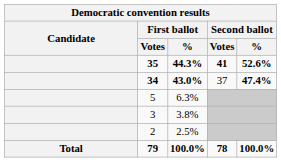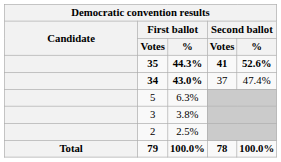 <table class="wikitable sortable plainrowheaders">
 <tr>
 <th colspan="13" style="color:black;background-color:">Democratic convention results</th>
 </tr>
 <tr style="background:#eee; text-align:center;">
 <th scope="col" style="width: 12em" rowspan=2>Candidate</th>
 <th scope="col" style="width: 5em" colspan=2>First ballot</th>
 <th scope="col" style="width: 5em" colspan=2>Second ballot</th>
 </tr>
 <tr>
 <th>Votes</th>
 <th>%</th>
 <th>Votes</th>
 <th>%</th>
 </tr>
 <tr>
 <th scope="row"><strong></strong></th>
 <td style="text-align:center;"><strong>35</strong></td>
 <td style="text-align:center;"><strong>44.3%</strong></td>
 <td style="text-align:center;"><strong>41</strong></td>
 <td style="text-align:center;"><strong>52.6%</strong></td>
 </tr>
 <tr>
 <th scope="row"></th>
 <td style="text-align:center;"><strong>34</strong></td>
 <td style="text-align:center;"><strong>43.0%</strong></td>
 <td style="text-align:center;">37</td>
-<td style="text-align:center;"><strong>47.4%</strong></td>
+<td style="text-align:center;">47.4%</td>
 </tr>
 <tr>
 <th scope="row"></th>
 <td style="text-align:center;">5</td>
 <td style="text-align:center;">6.3%</td>
 <td colspan=2 style="text-align:center; background:#cbcbcb"></td>
 </tr>
 <tr>
 <th scope="row"></th>
 <td style="text-align:center;">3</td>
 <td style="text-align:center;">3.8%</td>
 <td colspan=2 style="text-align:center; background:#cbcbcb"></td>
 </tr>
 <tr>
 <th scope="row"></th>
 <td style="text-align:center;">2</td>
 <td style="text-align:center;">2.5%</td>
 <td colspan=2 style="text-align:center; background:#cbcbcb"></td>
 </tr>
 <tr>
 <th scope="row"><strong>Total</strong></th>
 <td style="text-align:center;"><strong>79</strong></td>
 <td style="text-align:center;"><strong>100.0%</strong></td>
 <td style="text-align:center;"><strong>78</strong></td>
 <td style="text-align:center;"><strong>100.0%</strong></td>
 </tr>
 </table>
